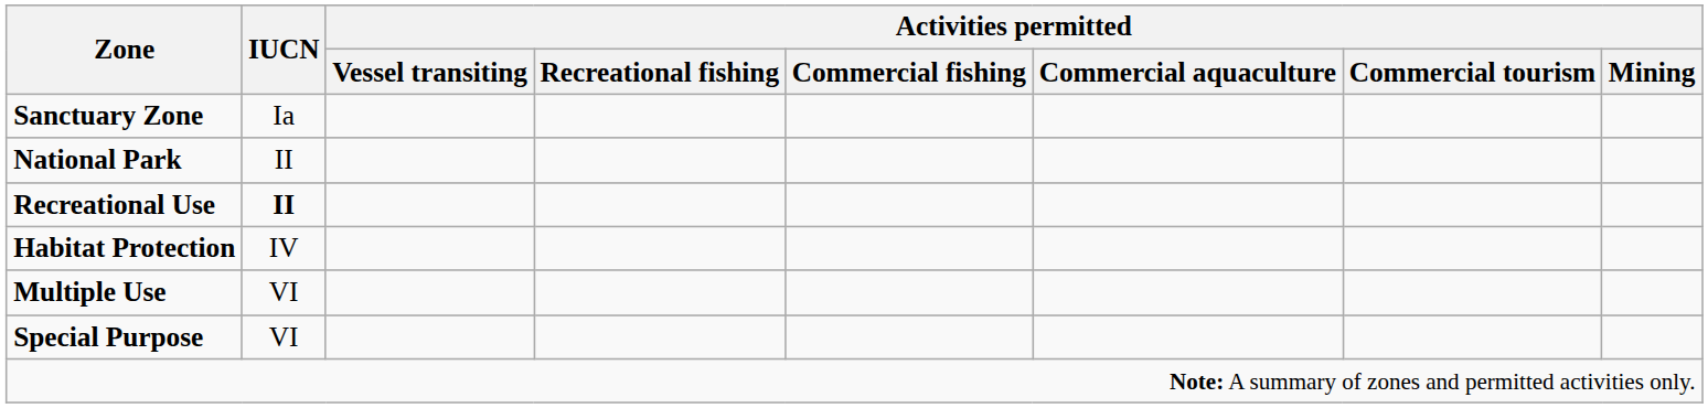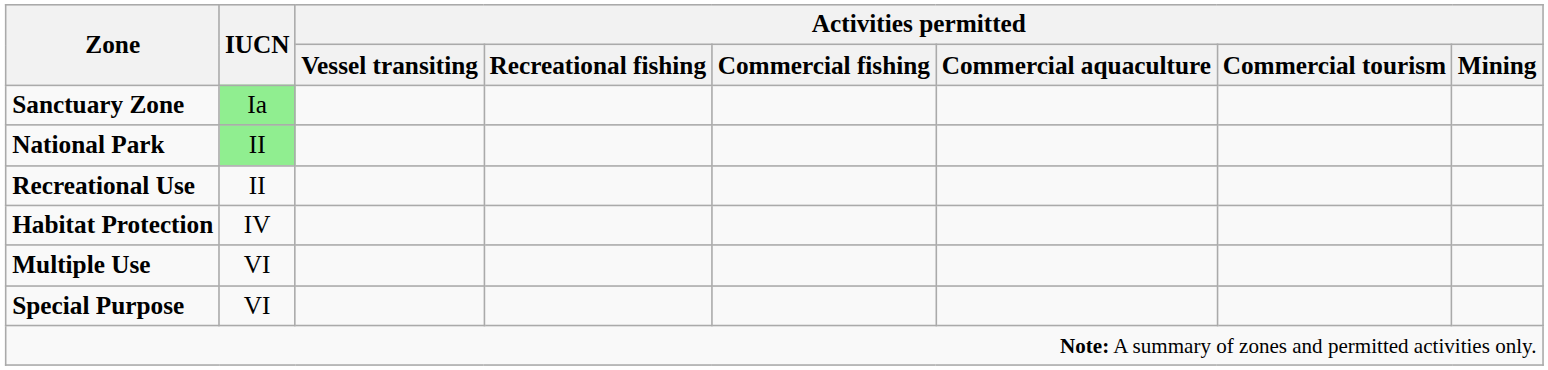 <table class="wikitable" style="text-align:center; margin-left:auto; margin-right:auto; border:none;">
 <tr>
 <th rowspan=2>Zone</th>
 <th rowspan=2>IUCN</th>
 <th colspan=6>Activities permitted</th>
 </tr>
 <tr>
 <th>Vessel transiting</th>
 <th>Recreational fishing</th>
 <th>Commercial fishing</th>
 <th>Commercial aquaculture</th>
 <th>Commercial tourism</th>
 <th>Mining</th>
 </tr>
 <tr>
 <td style="text-align:left"><strong>Sanctuary Zone</strong></td>
-<td>Ia</td>
+<td style="background: lightgreen;">Ia</td>
 <td></td>
 <td></td>
 <td></td>
 <td></td>
 <td></td>
 <td></td>
 </tr>
 <tr>
 <td style="text-align:left"><strong>National Park</strong></td>
-<td>II</td>
+<td style="background: lightgreen;">II</td>
 <td></td>
 <td></td>
 <td></td>
 <td></td>
 <td></td>
 <td></td>
 </tr>
 <tr>
 <td style="text-align:left"><strong>Recreational Use</strong></td>
-<td><strong>II</strong></td>
+<td>II</td>
 <td></td>
 <td></td>
 <td></td>
 <td></td>
 <td></td>
 <td></td>
 </tr>
 <tr>
 <td style="text-align:left"><strong>Habitat Protection</strong></td>
 <td>IV</td>
 <td></td>
 <td></td>
 <td></td>
 <td></td>
 <td></td>
 <td></td>
 </tr>
 <tr>
 <td style="text-align:left"><strong>Multiple Use</strong></td>
 <td>VI</td>
 <td></td>
 <td></td>
 <td></td>
 <td></td>
 <td></td>
 <td></td>
 </tr>
 <tr>
 <td style="text-align:left"><strong>Special Purpose</strong></td>
 <td>VI</td>
 <td></td>
 <td></td>
 <td></td>
 <td></td>
 <td></td>
 <td></td>
 </tr>
 <tr>
 <td style="text-align:right" colspan=99><small><strong>Note:</strong> A summary of zones and permitted activities only.</small></td>
 </tr>
 </table>
